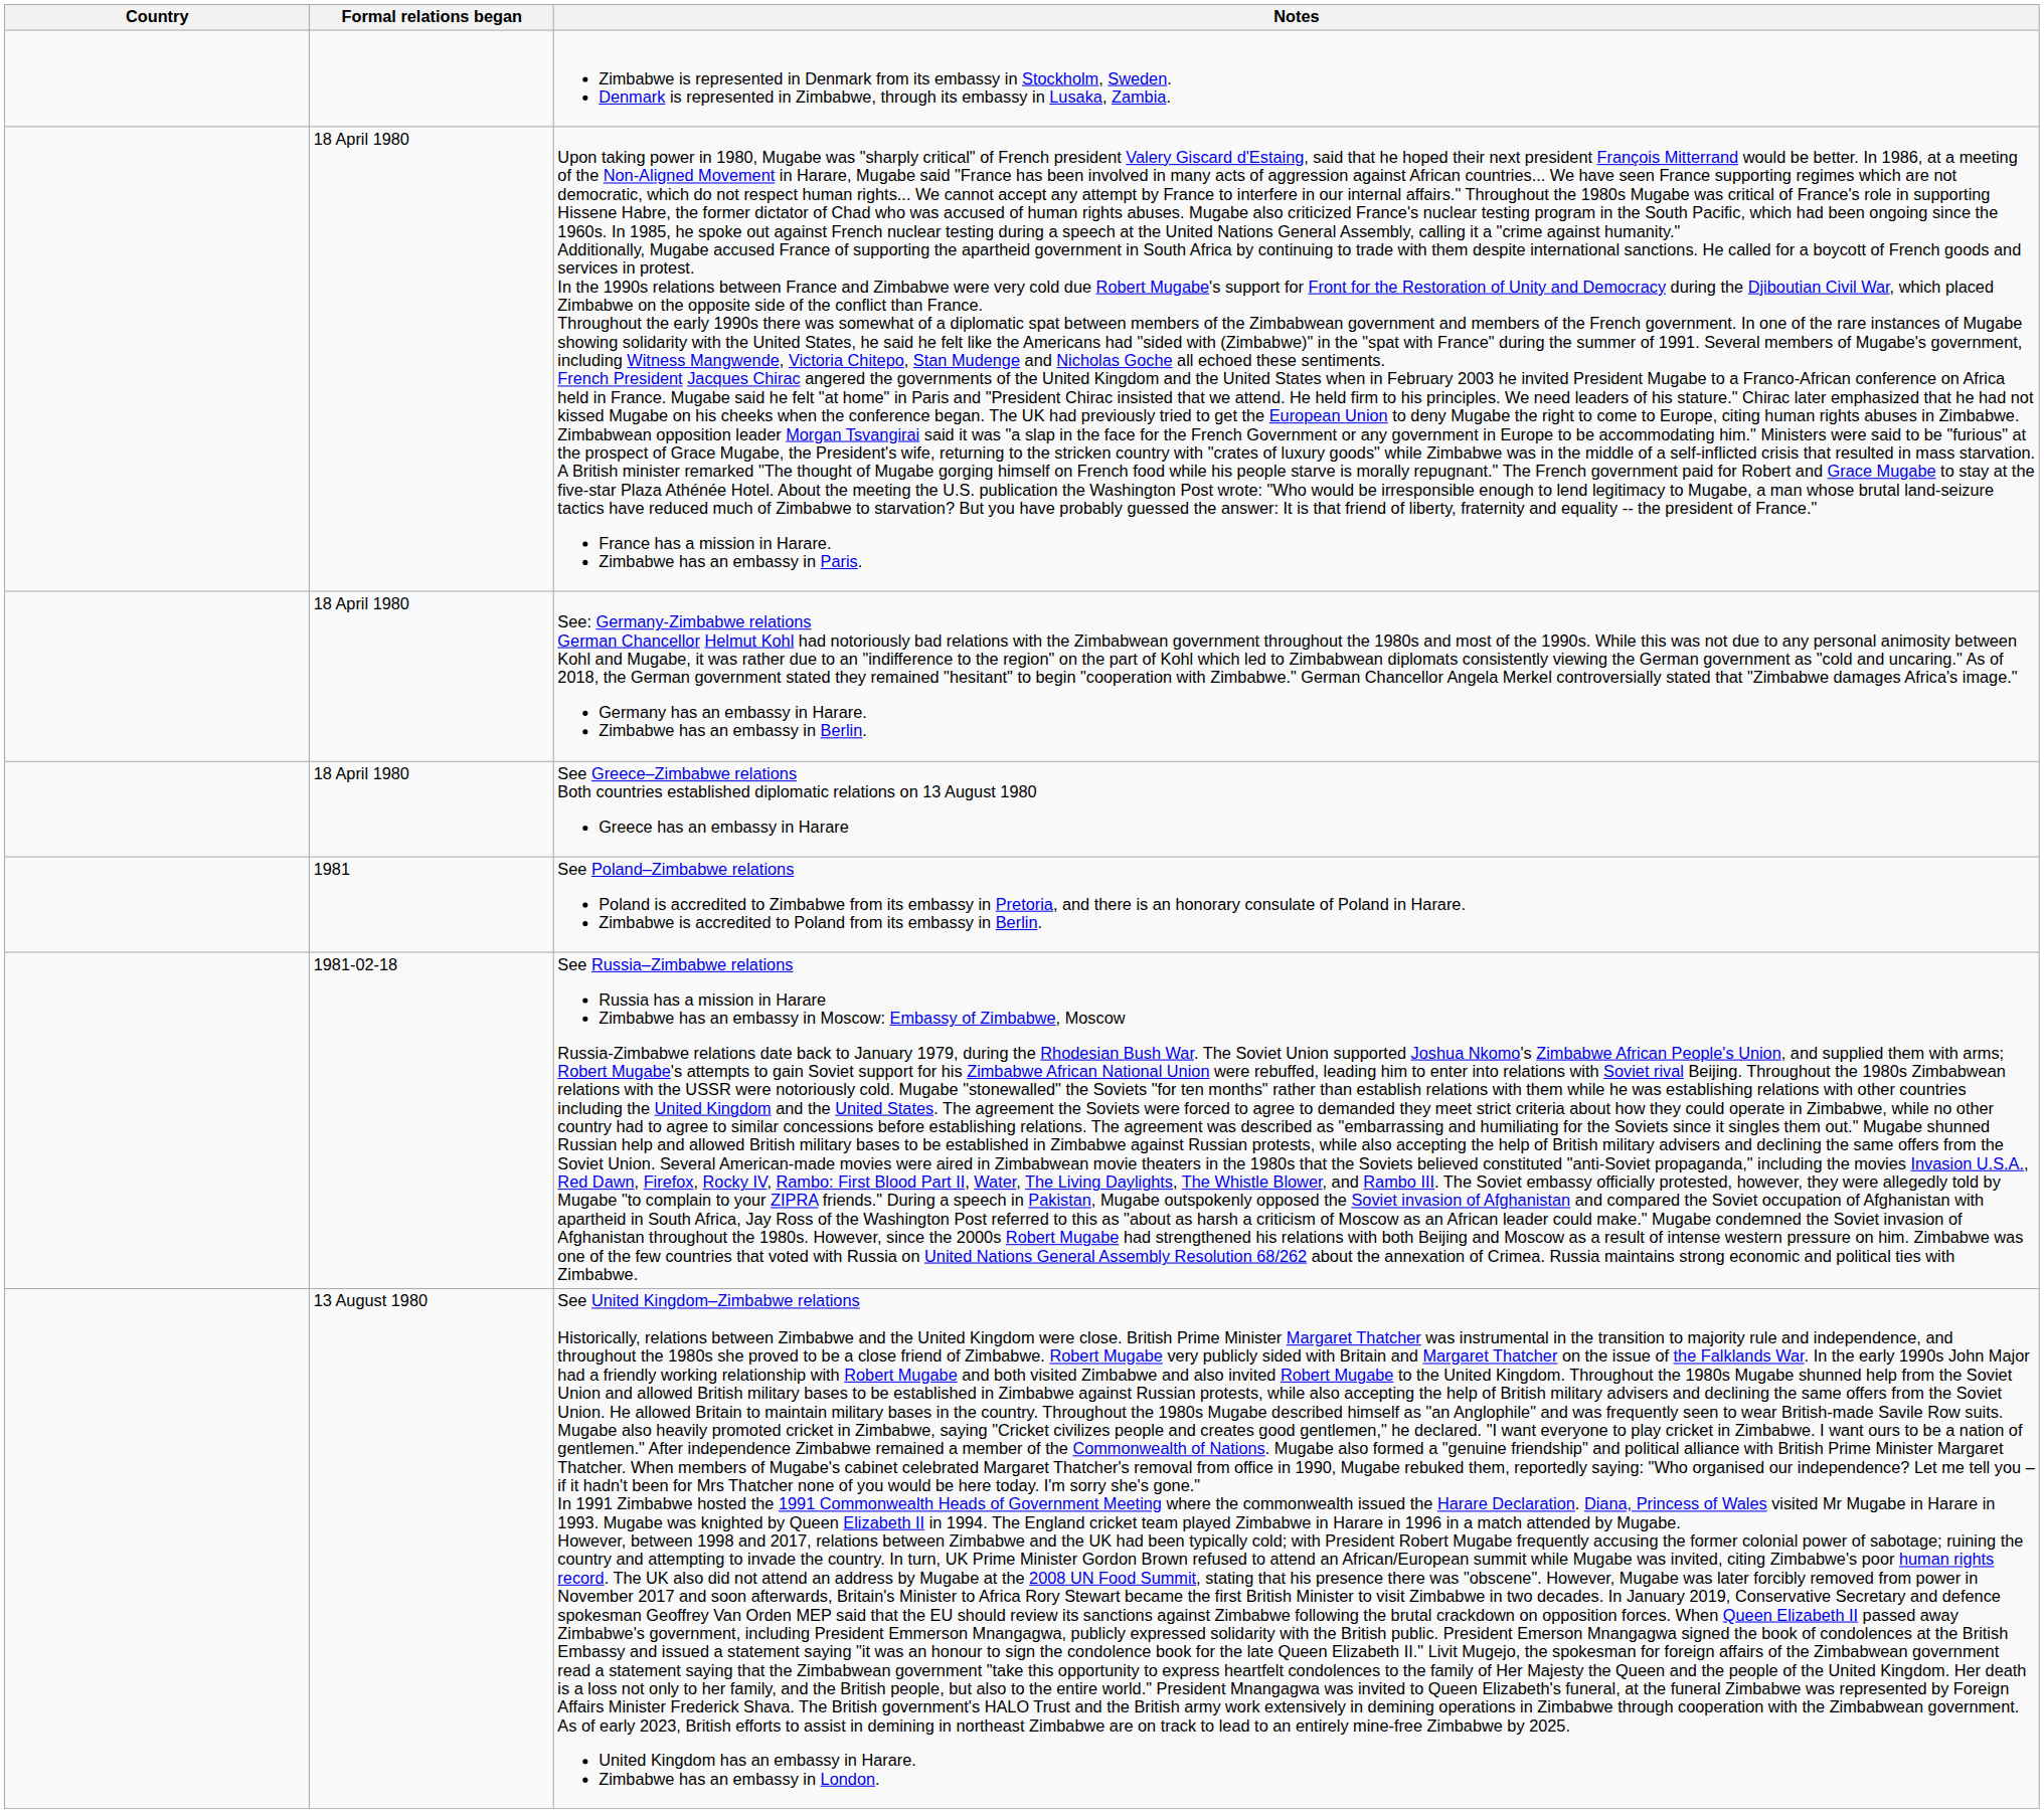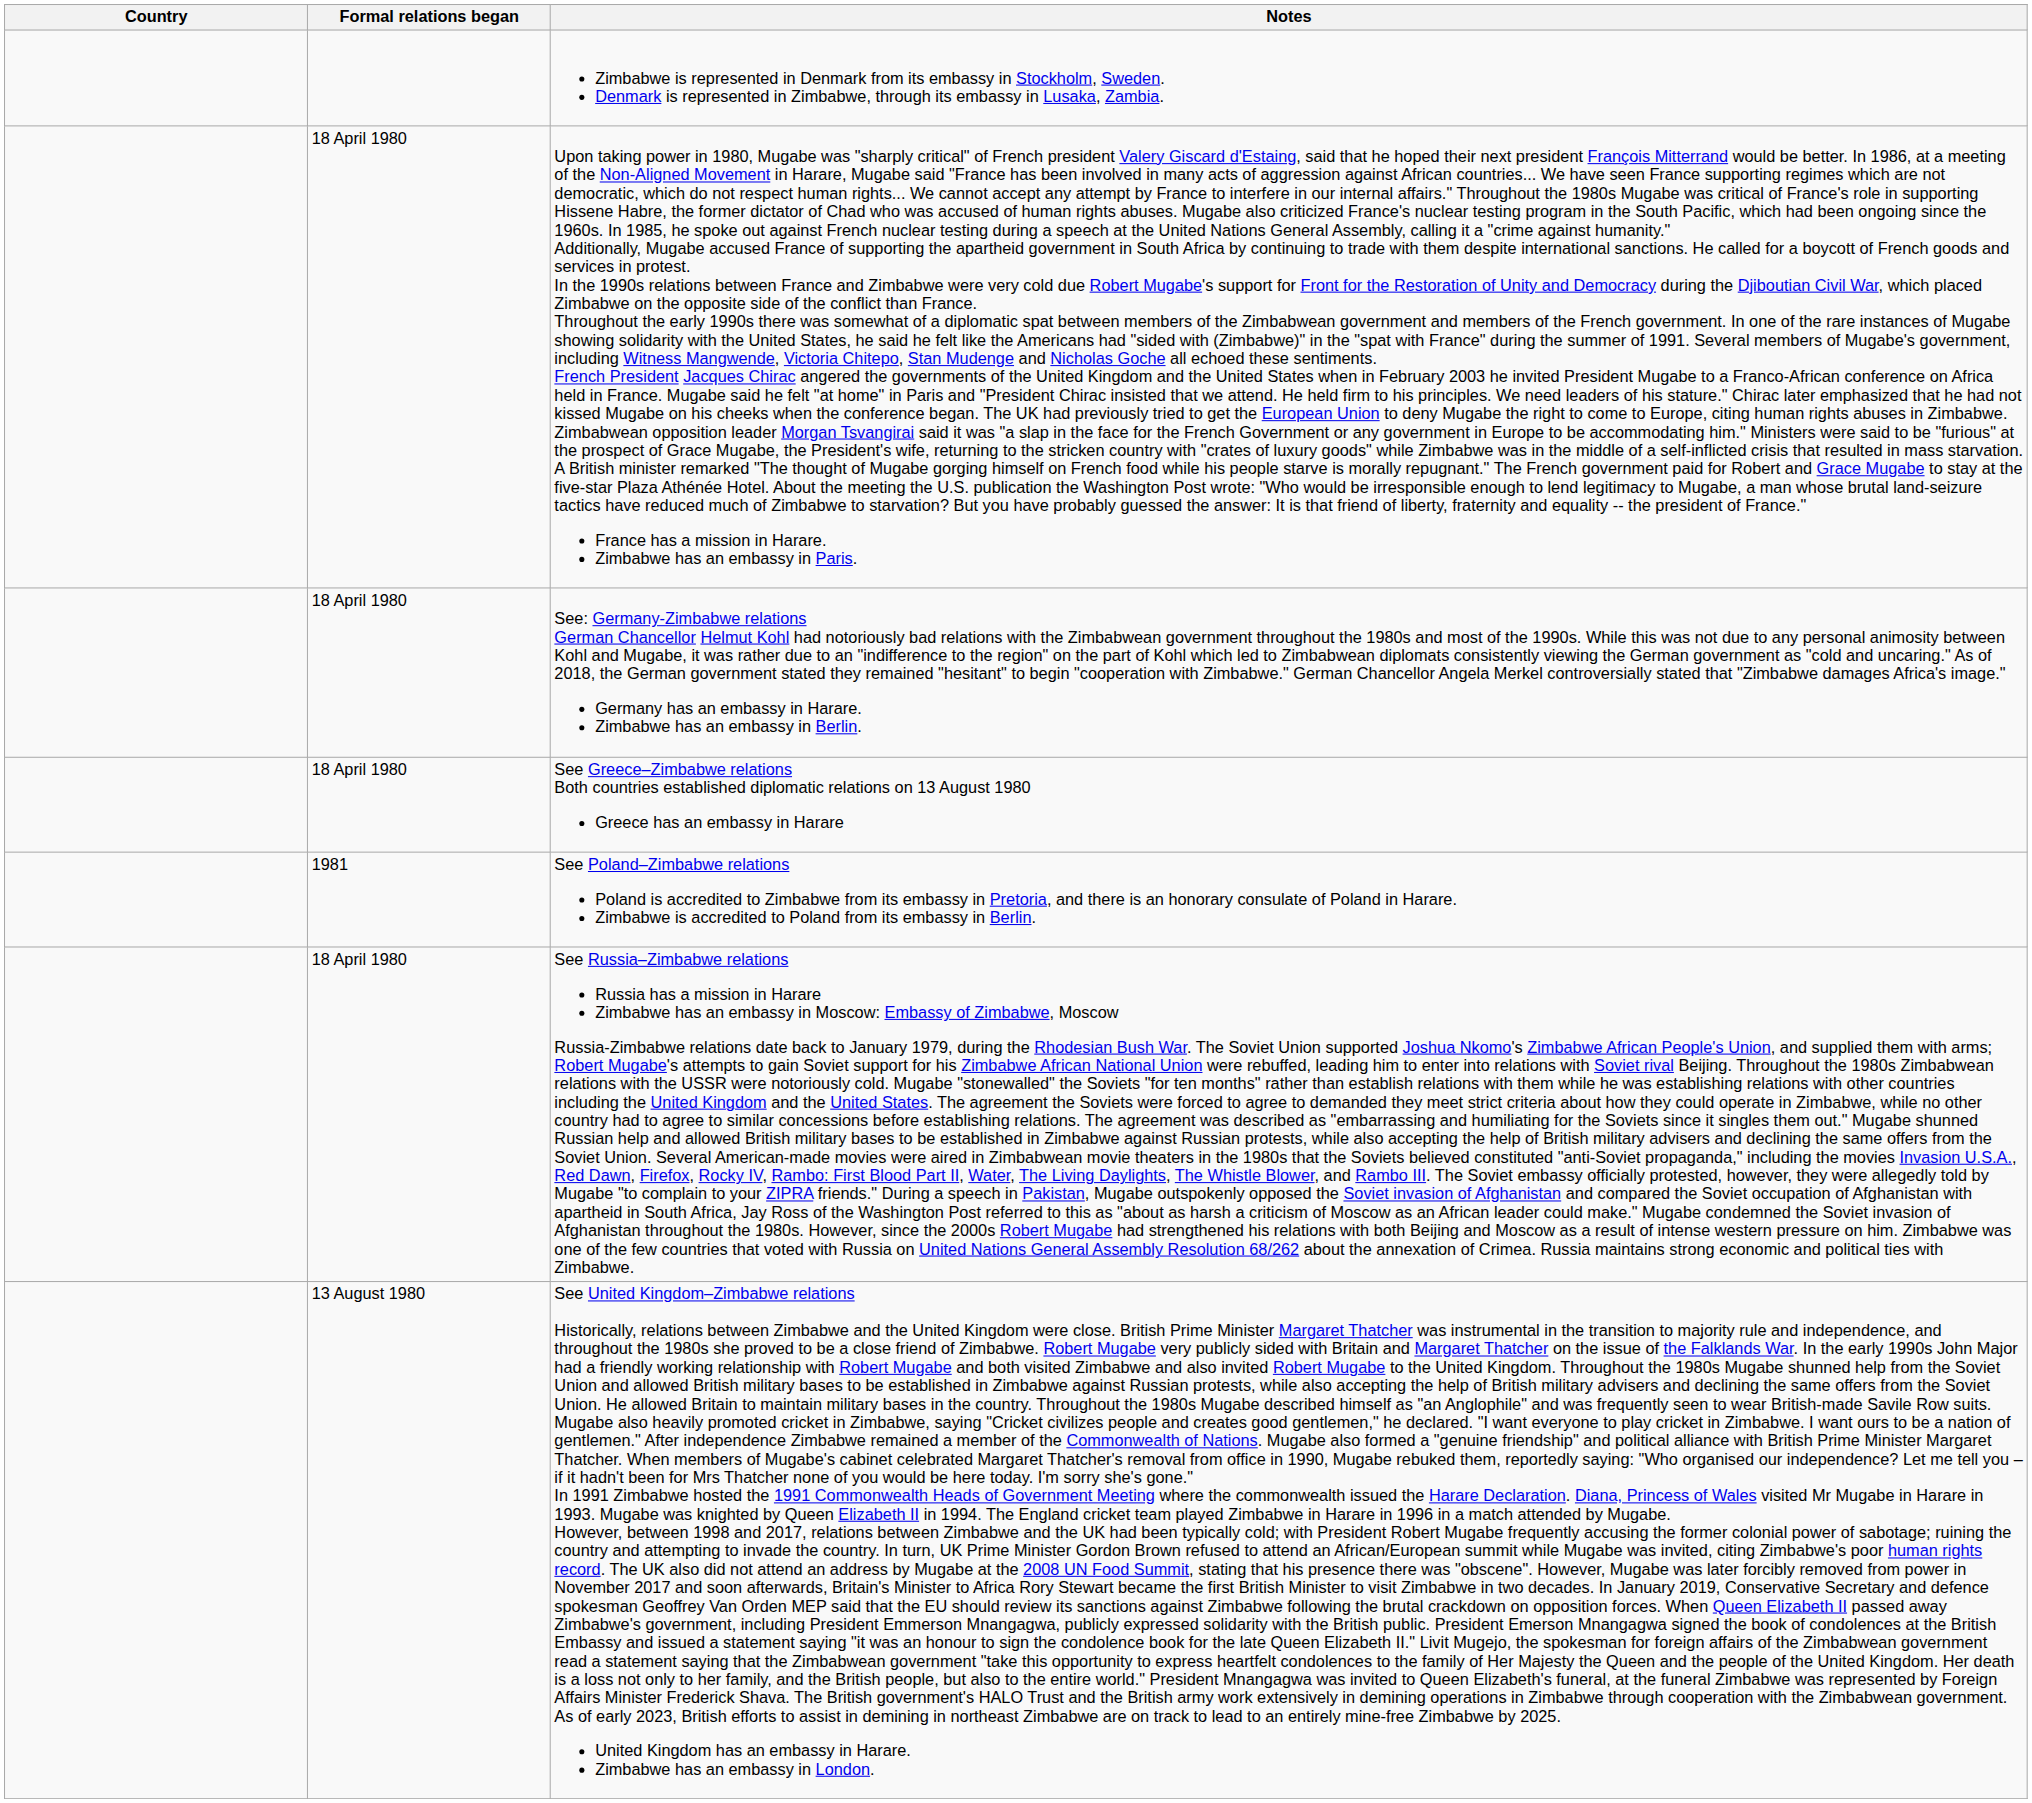 <table class="wikitable sortable" style="width:100%; margin:auto;">
 <tr>
 <th style="width:15%;">Country</th>
 <th style="width:12%;">Formal relations began</th>
 <th>Notes</th>
 </tr>
 <tr valign="top">
 <td></td>
 <td></td>
 <td><br><ul><li>Zimbabwe is represented in Denmark from its embassy in <a href='#'>Stockholm</a>, <a href='#'>Sweden</a>.</li><li><a href='#'>Denmark</a> is represented in Zimbabwe, through its embassy in <a href='#'>Lusaka</a>, <a href='#'>Zambia</a>.</li></ul></td>
 </tr>
 <tr valign="top">
 <td></td>
 <td>18 April 1980</td>
 <td><br>Upon taking power in 1980, Mugabe was "sharply critical" of French president <a href='#'>Valery Giscard d'Estaing</a>, said that he hoped their next president <a href='#'>François Mitterrand</a> would be better. In 1986, at a meeting of the <a href='#'>Non-Aligned Movement</a> in Harare, Mugabe said "France has been involved in many acts of aggression against African countries... We have seen France supporting regimes which are not democratic, which do not respect human rights... We cannot accept any attempt by France to interfere in our internal affairs." Throughout the 1980s Mugabe was critical of France's role in supporting Hissene Habre, the former dictator of Chad who was accused of human rights abuses. Mugabe also criticized France's nuclear testing program in the South Pacific, which had been ongoing since the 1960s. In 1985, he spoke out against French nuclear testing during a speech at the United Nations General Assembly, calling it a "crime against humanity."<br>Additionally, Mugabe accused France of supporting the apartheid government in South Africa by continuing to trade with them despite international sanctions. He called for a boycott of French goods and services in protest.<br>In the 1990s relations between France and Zimbabwe were very cold due <a href='#'>Robert Mugabe</a>'s support for <a href='#'>Front for the Restoration of Unity and Democracy</a> during the <a href='#'>Djiboutian Civil War</a>, which placed Zimbabwe on the opposite side of the conflict than France.<br>Throughout the early 1990s there was somewhat of a diplomatic spat between members of the Zimbabwean government and members of the French government. In one of the rare instances of Mugabe showing solidarity with the United States, he said he felt like the Americans had "sided with (Zimbabwe)" in the "spat with France" during the summer of 1991. Several members of Mugabe's government, including <a href='#'>Witness Mangwende</a>, <a href='#'>Victoria Chitepo</a>, <a href='#'>Stan Mudenge</a> and <a href='#'>Nicholas Goche</a> all echoed these sentiments.<br><a href='#'>French President</a> <a href='#'>Jacques Chirac</a> angered the governments of the United Kingdom and the United States when in February 2003 he invited President Mugabe to a Franco-African conference on Africa held in France. Mugabe said he felt "at home" in Paris and "President Chirac insisted that we attend. He held firm to his principles. We need leaders of his stature." Chirac later emphasized that he had not kissed Mugabe on his cheeks when the conference began. The UK had previously tried to get the <a href='#'>European Union</a> to deny Mugabe the right to come to Europe, citing human rights abuses in Zimbabwe. Zimbabwean opposition leader <a href='#'>Morgan Tsvangirai</a> said it was  "a slap in the face for the French Government or any government in Europe to be accommodating him." Ministers were said to be "furious" at the prospect of Grace Mugabe, the President's wife, returning to the stricken country with "crates of luxury goods" while Zimbabwe was in the middle of a self-inflicted crisis that resulted in mass starvation. A British minister remarked "The thought of Mugabe gorging himself on French food while his people starve is morally repugnant." The French government paid for Robert and <a href='#'>Grace Mugabe</a> to stay at the five-star Plaza Athénée Hotel. About the meeting the U.S. publication the Washington Post wrote: "Who would be irresponsible enough to lend legitimacy to Mugabe, a man whose brutal land-seizure tactics have reduced much of Zimbabwe to starvation? But you have probably guessed the answer: It is that friend of liberty, fraternity and equality -- the president of France."<ul><li>France has a mission in Harare.</li><li>Zimbabwe has an embassy in <a href='#'>Paris</a>.</li></ul></td>
 </tr>
 <tr valign="top">
 <td></td>
 <td>18 April 1980</td>
 <td><br>See: <a href='#'>Germany-Zimbabwe relations</a><br><a href='#'>German Chancellor</a> <a href='#'>Helmut Kohl</a> had notoriously bad relations with the Zimbabwean government throughout the 1980s and most of the 1990s. While this was not due to any personal animosity between Kohl and Mugabe, it was rather due to an "indifference to the region" on the part of Kohl which led to Zimbabwean diplomats consistently viewing the German government as "cold and uncaring." As of 2018, the German government stated they remained "hesitant" to begin "cooperation with Zimbabwe." German Chancellor Angela Merkel controversially stated that "Zimbabwe damages Africa's image."<ul><li>Germany has an embassy in Harare.</li><li>Zimbabwe has an embassy in <a href='#'>Berlin</a>.</li></ul></td>
 </tr>
 <tr valign="top">
 <td></td>
 <td>18 April 1980</td>
 <td>See <a href='#'>Greece–Zimbabwe relations</a><br>Both countries established diplomatic relations on 13 August 1980<ul><li>Greece has an embassy in Harare</li></ul></td>
 </tr>
 <tr valign="top">
 <td></td>
 <td>1981</td>
 <td>See <a href='#'>Poland–Zimbabwe relations</a><br><ul><li>Poland is accredited to Zimbabwe from its embassy in <a href='#'>Pretoria</a>, and there is an honorary consulate of Poland in Harare.</li><li>Zimbabwe is accredited to Poland from its embassy in <a href='#'>Berlin</a>.</li></ul></td>
 </tr>
 <tr valign="top">
 <td></td>
-<td>1981-02-18</td>
+<td>18 April 1980</td>
 <td>See <a href='#'>Russia–Zimbabwe relations</a><br><ul><li>Russia has a mission in Harare</li><li>Zimbabwe has an embassy in Moscow: <a href='#'>Embassy of Zimbabwe</a>, Moscow</li></ul>Russia-Zimbabwe relations date back to January 1979, during the <a href='#'>Rhodesian Bush War</a>. The Soviet Union supported <a href='#'>Joshua Nkomo</a>'s <a href='#'>Zimbabwe African People's Union</a>, and supplied them with arms; <a href='#'>Robert Mugabe</a>'s attempts to gain Soviet support for his <a href='#'>Zimbabwe African National Union</a> were rebuffed, leading him to enter into relations with <a href='#'>Soviet rival</a> Beijing. Throughout the 1980s Zimbabwean relations with the USSR were notoriously cold. Mugabe "stonewalled" the Soviets "for ten months" rather than establish relations with them while he was establishing relations with other countries including the <a href='#'>United Kingdom</a> and the <a href='#'>United States</a>. The agreement the Soviets were forced to agree to demanded they meet strict criteria about how they could operate in Zimbabwe, while no other country had to agree to similar concessions before establishing relations. The agreement was described as "embarrassing and humiliating for the Soviets since it singles them out." Mugabe shunned Russian help and allowed British military bases to be established in Zimbabwe against Russian protests, while also accepting the help of British military advisers and declining the same offers from the Soviet Union. Several American-made movies were aired in Zimbabwean movie theaters in the 1980s that the Soviets believed constituted "anti-Soviet propaganda," including the movies <a href='#'>Invasion U.S.A.</a>,  <a href='#'>Red Dawn</a>, <a href='#'>Firefox</a>, <a href='#'>Rocky IV</a>, <a href='#'>Rambo: First Blood Part II</a>, <a href='#'>Water</a>, <a href='#'>The Living Daylights</a>, <a href='#'>The Whistle Blower</a>, and <a href='#'>Rambo III</a>. The Soviet embassy officially protested, however, they were allegedly told by Mugabe "to complain to your <a href='#'>ZIPRA</a> friends." During a speech in <a href='#'>Pakistan</a>, Mugabe outspokenly opposed the <a href='#'>Soviet invasion of Afghanistan</a> and compared the Soviet occupation of Afghanistan with apartheid in South Africa, Jay Ross of the Washington Post referred to this as "about as harsh a criticism of Moscow as an African leader could make." Mugabe condemned the Soviet invasion of Afghanistan throughout the 1980s. However, since the 2000s <a href='#'>Robert Mugabe</a> had strengthened his relations with both Beijing and Moscow as a result of intense western pressure on him. Zimbabwe was one of the few countries that voted with Russia on <a href='#'>United Nations General Assembly Resolution 68/262</a> about the annexation of Crimea. Russia maintains strong economic and political ties with Zimbabwe.</td>
 </tr>
 <tr valign="top">
 <td></td>
 <td>13 August 1980</td>
 <td>See <a href='#'>United Kingdom–Zimbabwe relations</a><br><br>Historically, relations between Zimbabwe and the United Kingdom were close. British Prime Minister <a href='#'>Margaret Thatcher</a> was instrumental in the transition to majority rule and independence, and throughout the 1980s she proved to be a close friend of Zimbabwe. <a href='#'>Robert Mugabe</a> very publicly sided with Britain and <a href='#'>Margaret Thatcher</a> on the issue of <a href='#'>the Falklands War</a>. In the early 1990s John Major had a friendly working relationship with <a href='#'>Robert Mugabe</a> and both visited Zimbabwe and also invited <a href='#'>Robert Mugabe</a> to the United Kingdom. Throughout the 1980s Mugabe shunned help from the Soviet Union and allowed British military bases to be established in Zimbabwe against Russian protests, while also accepting the help of British military advisers and declining the same offers from the Soviet Union. He allowed Britain to maintain military bases in the country. Throughout the 1980s Mugabe described himself as "an Anglophile" and was frequently seen to wear British-made Savile Row suits. Mugabe also heavily promoted cricket in Zimbabwe, saying "Cricket civilizes people and creates good gentlemen," he declared. "I want everyone to play cricket in Zimbabwe. I want ours to be a nation of gentlemen." After independence Zimbabwe remained a member of the <a href='#'>Commonwealth of Nations</a>. Mugabe also formed a "genuine friendship" and political alliance with British Prime Minister Margaret Thatcher. When members of Mugabe's cabinet celebrated Margaret Thatcher's removal from office in 1990, Mugabe rebuked them, reportedly saying: "Who organised our independence? Let me tell you – if it hadn't been for Mrs Thatcher none of you would be here today. I'm sorry she's gone."<br>In 1991 Zimbabwe hosted the <a href='#'>1991 Commonwealth Heads of Government Meeting</a> where the commonwealth issued the <a href='#'>Harare Declaration</a>. <a href='#'>Diana, Princess of Wales</a> visited Mr Mugabe in Harare in 1993.  Mugabe was knighted by Queen <a href='#'>Elizabeth II</a> in 1994. The England cricket team played Zimbabwe in Harare in 1996 in a match attended by Mugabe.<br>However, between 1998 and 2017, relations between Zimbabwe and the UK had been typically cold; with President Robert Mugabe frequently accusing the former colonial power of sabotage; ruining the country and attempting to invade the country. In turn, UK Prime Minister Gordon Brown refused to attend an African/European summit while Mugabe was invited, citing Zimbabwe's poor <a href='#'>human rights record</a>. The UK also did not attend an address by Mugabe at the <a href='#'>2008 UN Food Summit</a>, stating that his presence there was "obscene". However, Mugabe was later forcibly removed from power in November 2017 and soon afterwards, Britain's Minister to Africa Rory Stewart became the first British Minister to visit Zimbabwe in two decades. In January 2019, Conservative Secretary and defence spokesman Geoffrey Van Orden MEP said that the EU should review its sanctions against Zimbabwe following the brutal crackdown on opposition forces. When <a href='#'>Queen Elizabeth II</a> passed away Zimbabwe's government, including President Emmerson Mnangagwa, publicly expressed solidarity with the British public. President Emerson Mnangagwa signed the book of condolences at the British Embassy and issued a statement saying "it was an honour to sign the condolence book for the late Queen Elizabeth II." Livit Mugejo, the spokesman for foreign affairs of the Zimbabwean government read a statement saying that the Zimbabwean government "take this opportunity to express heartfelt condolences to the family of Her Majesty the Queen and the people of the United Kingdom. Her death is a loss not only to her family, and the British people, but also to the entire world." President Mnangagwa was invited to Queen Elizabeth's funeral, at the funeral Zimbabwe was represented by Foreign Affairs Minister Frederick Shava. The British government's HALO Trust and the British army work extensively in demining operations in Zimbabwe through cooperation with the Zimbabwean government. As of early 2023, British efforts to assist in demining in northeast Zimbabwe are on track to lead to an entirely mine-free Zimbabwe by 2025.<ul><li>United Kingdom has an embassy in Harare.</li><li>Zimbabwe has an embassy in <a href='#'>London</a>.</li></ul></td>
 </tr>
 </table>
